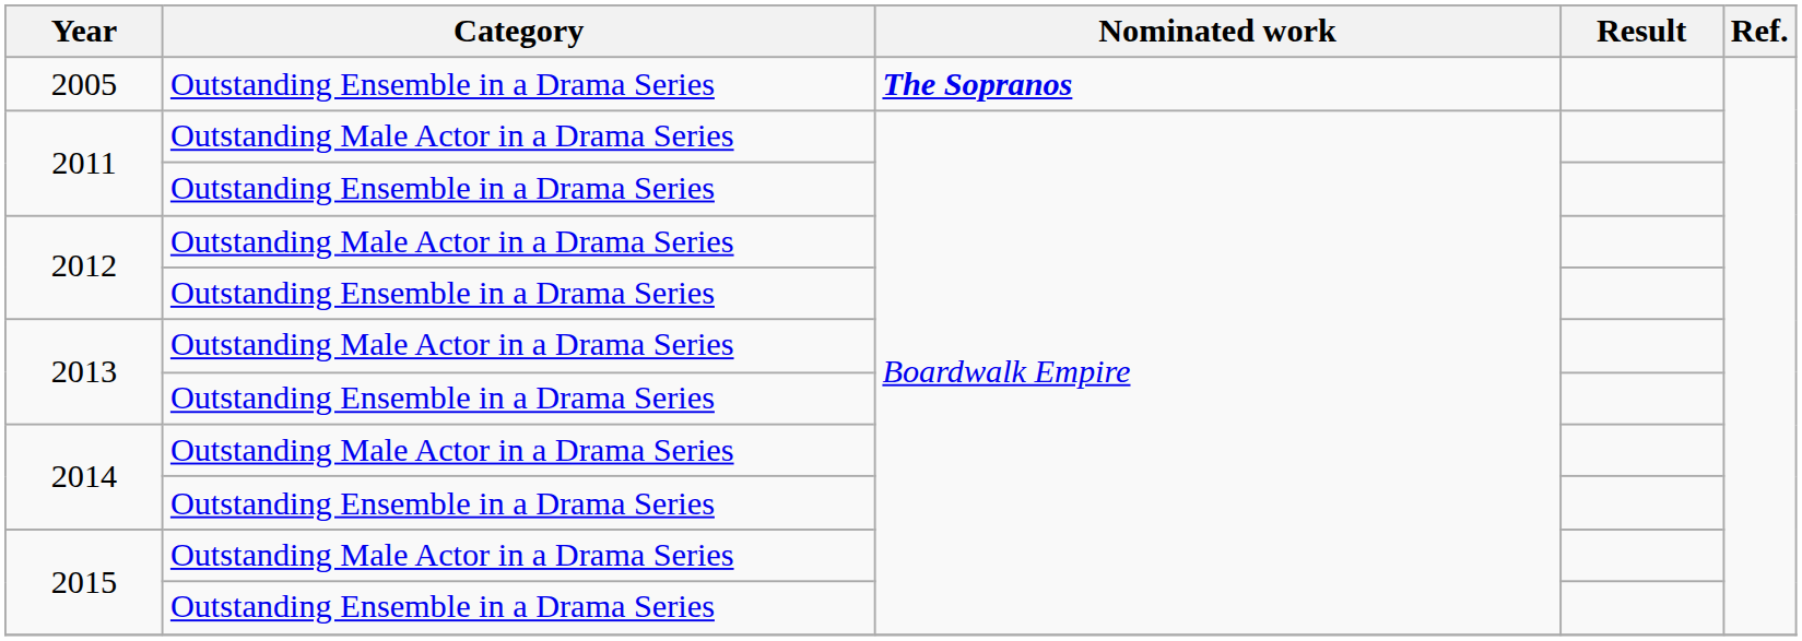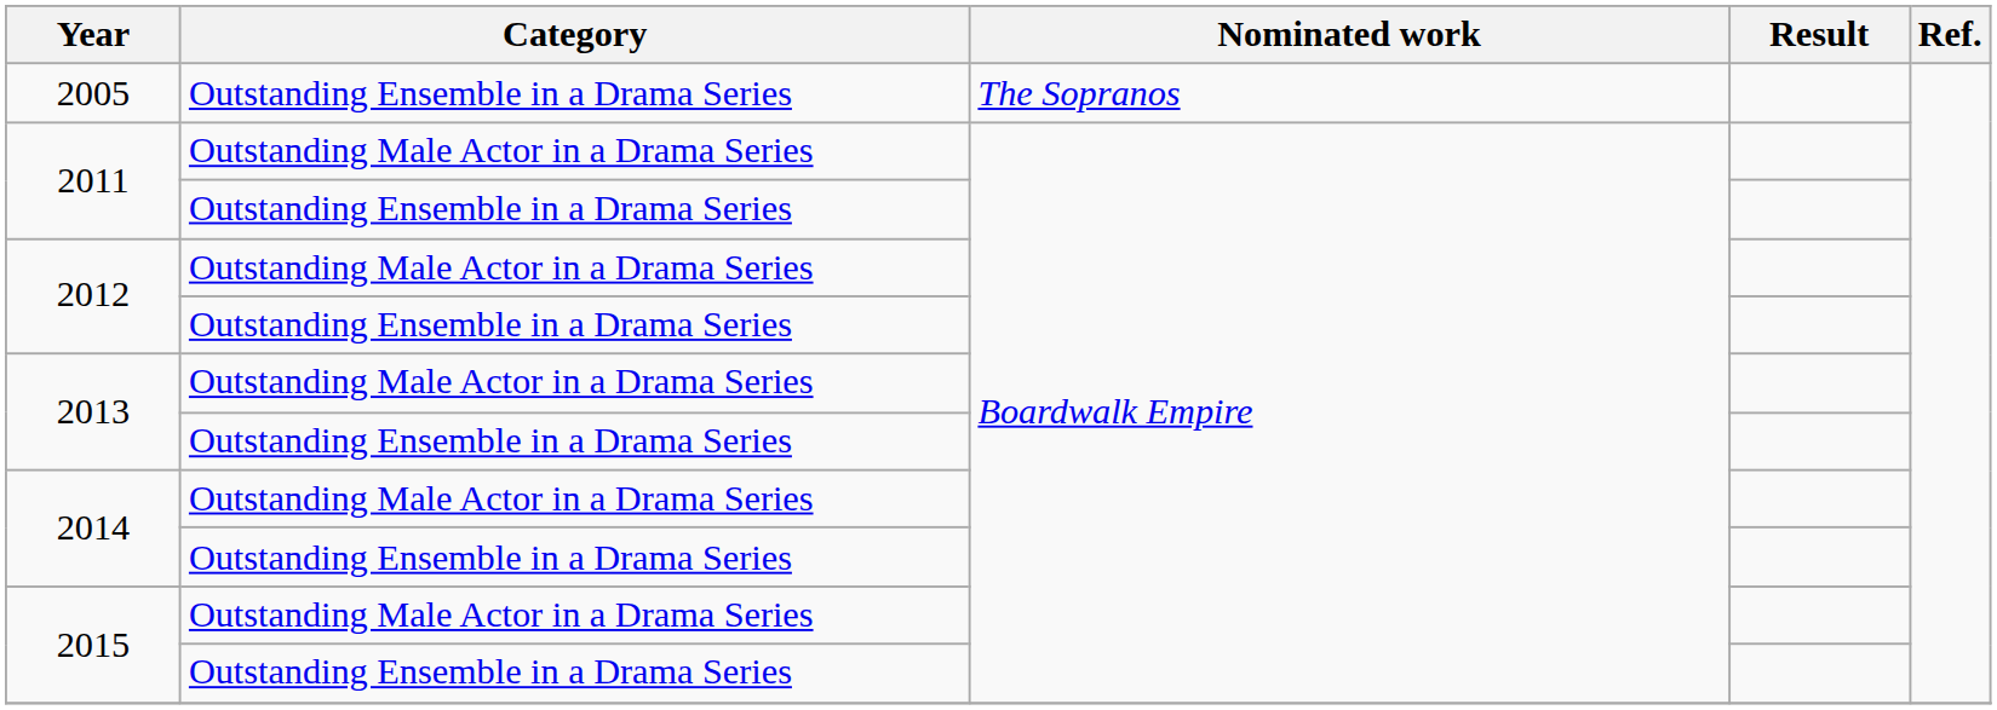 <table class=wikitable>
 <tr>
 <th scope="col" style="width:5em;">Year</th>
 <th scope="col" style="width:26em;">Category</th>
 <th scope="col" style="width:25em;">Nominated work</th>
 <th scope="col" style="width:5em;">Result</th>
 <th>Ref.</th>
 </tr>
 <tr>
 <td style="text-align:center;", style="text-align:center;">2005</td>
 <td><a href='#'>Outstanding Ensemble in a Drama Series</a></td>
-<td><strong><em><a href='#'>The Sopranos</a></em></strong></td>
+<td><em><a href='#'>The Sopranos</a></em></td>
 <td></td>
 <td rowspan=11></td>
 </tr>
 <tr>
 <td style="text-align:center;", rowspan="2">2011</td>
 <td><a href='#'>Outstanding Male Actor in a Drama Series</a></td>
 <td rowspan="10"><em><a href='#'>Boardwalk Empire</a></em></td>
 <td></td>
 </tr>
 <tr>
 <td><a href='#'>Outstanding Ensemble in a Drama Series</a></td>
 <td></td>
 </tr>
 <tr>
 <td style="text-align:center;", rowspan="2">2012</td>
 <td><a href='#'>Outstanding Male Actor in a Drama Series</a></td>
 <td></td>
 </tr>
 <tr>
 <td><a href='#'>Outstanding Ensemble in a Drama Series</a></td>
 <td></td>
 </tr>
 <tr>
 <td style="text-align:center;", rowspan="2">2013</td>
 <td><a href='#'>Outstanding Male Actor in a Drama Series</a></td>
 <td></td>
 </tr>
 <tr>
 <td><a href='#'>Outstanding Ensemble in a Drama Series</a></td>
 <td></td>
 </tr>
 <tr>
 <td style="text-align:center;", rowspan="2">2014</td>
 <td><a href='#'>Outstanding Male Actor in a Drama Series</a></td>
 <td></td>
 </tr>
 <tr>
 <td><a href='#'>Outstanding Ensemble in a Drama Series</a></td>
 <td></td>
 </tr>
 <tr>
 <td style="text-align:center;", rowspan="2">2015</td>
 <td><a href='#'>Outstanding Male Actor in a Drama Series</a></td>
 <td></td>
 </tr>
 <tr>
 <td><a href='#'>Outstanding Ensemble in a Drama Series</a></td>
 <td></td>
 </tr>
 <tr>
 </tr>
 </table>
